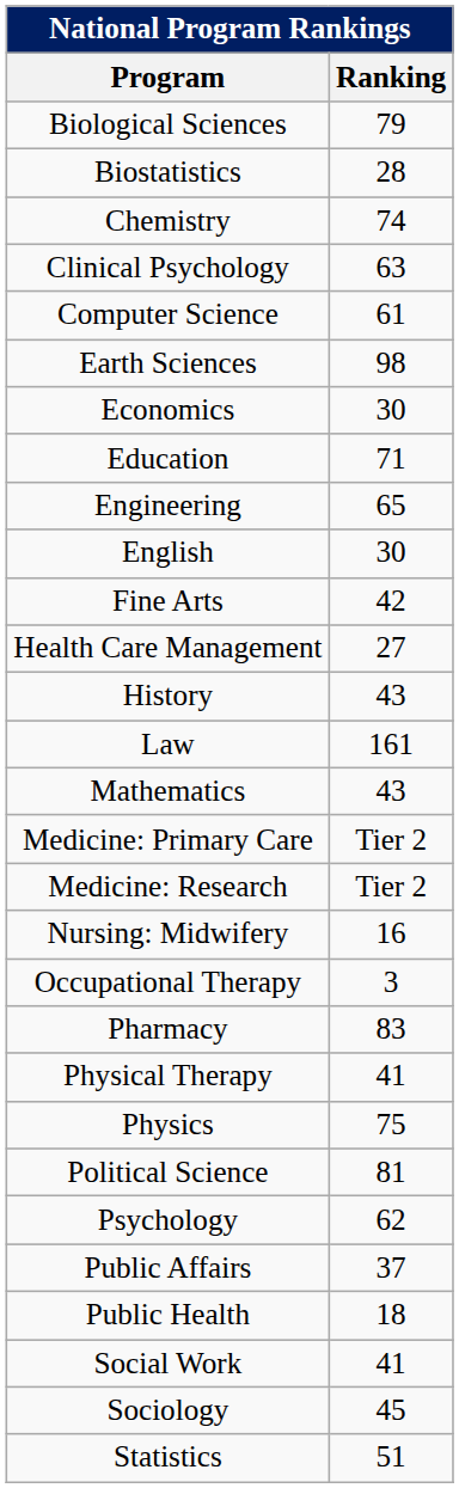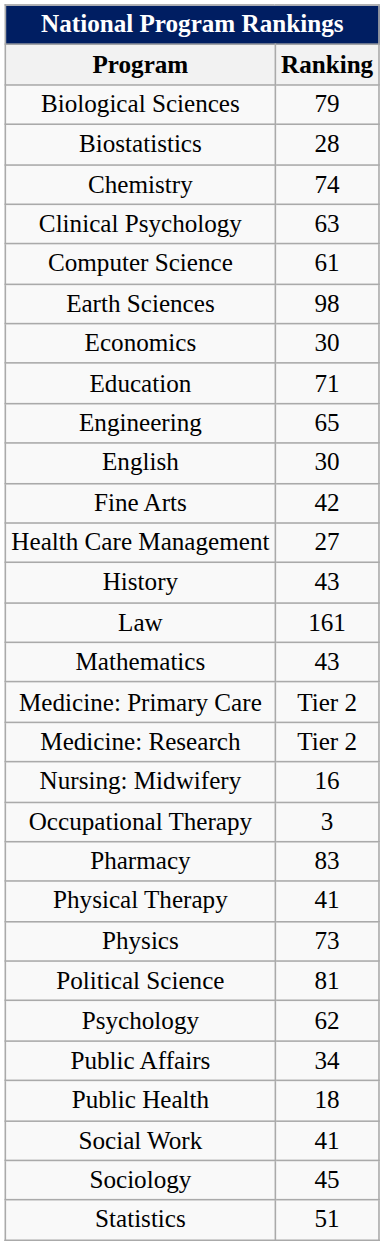 <table class="wikitable sortable collapsible collapsed" style="float:right; clear:right; text-align:center">
 <tr>
 <th colspan=4 style="background:#001E62; color:#FFFFFF; ">National Program Rankings</th>
 </tr>
 <tr>
 <th>Program</th>
 <th>Ranking</th>
 </tr>
 <tr>
 <td>Biological Sciences</td>
 <td>79</td>
 </tr>
 <tr>
 <td>Biostatistics</td>
 <td>28</td>
 </tr>
 <tr>
 <td>Chemistry</td>
 <td>74</td>
 </tr>
 <tr>
 <td>Clinical Psychology</td>
 <td>63</td>
 </tr>
 <tr>
 <td>Computer Science</td>
 <td>61</td>
 </tr>
 <tr>
 <td>Earth Sciences</td>
 <td>98</td>
 </tr>
 <tr>
 <td>Economics</td>
 <td>30</td>
 </tr>
 <tr>
 <td>Education</td>
 <td>71</td>
 </tr>
 <tr>
 <td>Engineering</td>
 <td>65</td>
 </tr>
 <tr>
 <td>English</td>
 <td>30</td>
 </tr>
 <tr>
 <td>Fine Arts</td>
 <td>42</td>
 </tr>
 <tr>
 <td>Health Care Management</td>
 <td>27</td>
 </tr>
 <tr>
 <td>History</td>
 <td>43</td>
 </tr>
 <tr>
 <td>Law</td>
 <td>161</td>
 </tr>
 <tr>
 <td>Mathematics</td>
 <td>43</td>
 </tr>
 <tr>
 <td>Medicine: Primary Care</td>
 <td>Tier 2</td>
 </tr>
 <tr>
 <td>Medicine: Research</td>
 <td>Tier 2</td>
 </tr>
 <tr>
 <td>Nursing: Midwifery</td>
 <td>16</td>
 </tr>
 <tr>
 <td>Occupational Therapy</td>
 <td>3</td>
 </tr>
 <tr>
 <td>Pharmacy</td>
 <td>83</td>
 </tr>
 <tr>
 <td>Physical Therapy</td>
 <td>41</td>
 </tr>
 <tr>
 <td>Physics</td>
-<td>75</td>
+<td>73</td>
 </tr>
 <tr>
 <td>Political Science</td>
 <td>81</td>
 </tr>
 <tr>
 <td>Psychology</td>
 <td>62</td>
 </tr>
 <tr>
 <td>Public Affairs</td>
-<td>37</td>
+<td>34</td>
 </tr>
 <tr>
 <td>Public Health</td>
 <td>18</td>
 </tr>
 <tr>
 <td>Social Work</td>
 <td>41</td>
 </tr>
 <tr>
 <td>Sociology</td>
 <td>45</td>
 </tr>
 <tr>
 <td>Statistics</td>
 <td>51</td>
 </tr>
 <tr>
 </tr>
 </table>
